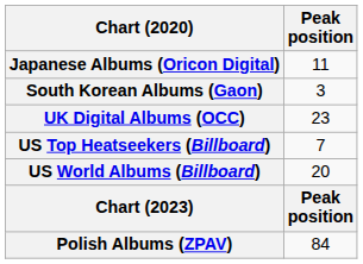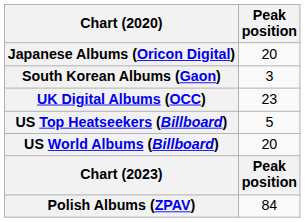 <table class="wikitable sortable plainrowheaders" style="text-align:center;">
 <tr>
 <th scope="col">Chart (2020)</th>
 <th scope="col">Peak<br>position</th>
 </tr>
 <tr>
 <th scope="row">Japanese Albums (<a href='#'>Oricon Digital</a>)</th>
-<td>11</td>
+<td>20</td>
 </tr>
 <tr>
 <th scope="row">South Korean Albums (<a href='#'>Gaon</a>)</th>
 <td>3</td>
 </tr>
 <tr>
 <th scope="row"><a href='#'>UK Digital Albums</a> (<a href='#'>OCC</a>)</th>
 <td>23</td>
 </tr>
 <tr>
 <th scope="row">US <a href='#'>Top Heatseekers</a> (<em><a href='#'>Billboard</a></em>)</th>
-<td>7</td>
+<td>5</td>
 </tr>
 <tr>
 <th scope="row">US <a href='#'>World Albums</a> (<em><a href='#'>Billboard</a></em>)</th>
 <td>20</td>
 </tr>
 <tr>
 <th scope="col">Chart (2023)</th>
 <th scope="col">Peak<br>position</th>
 </tr>
 <tr>
 <th scope="row">Polish Albums (<a href='#'>ZPAV</a>)</th>
 <td>84</td>
 </tr>
 </table>
